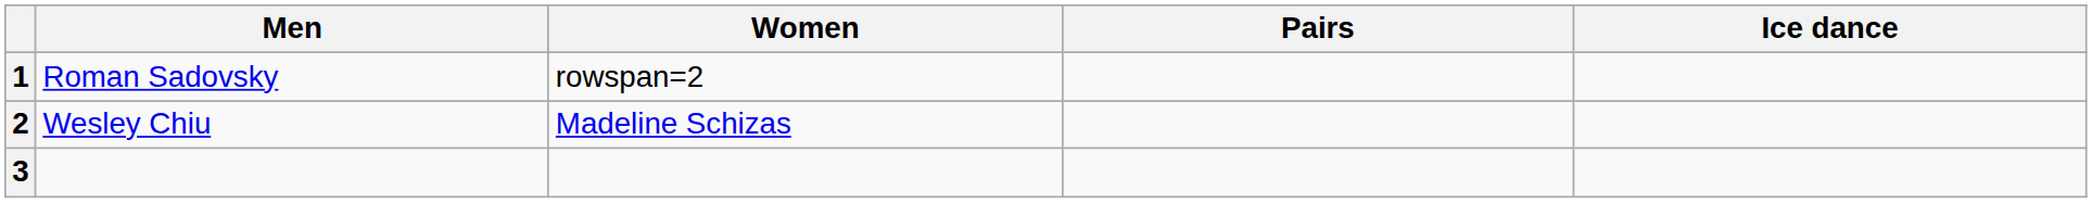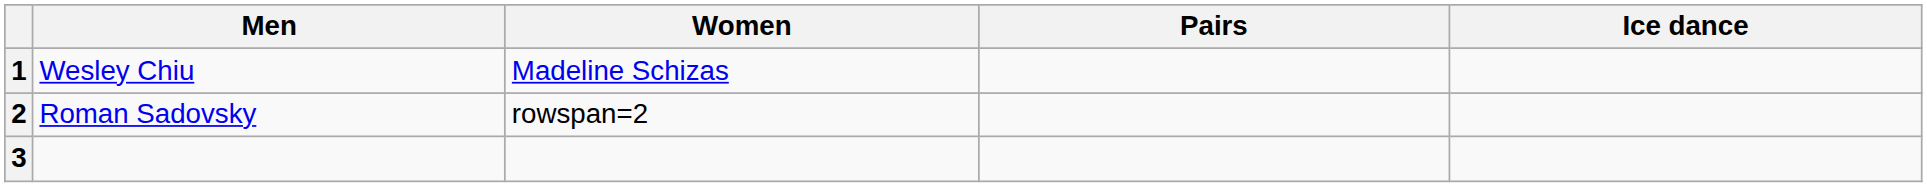 <table class="wikitable unsortable" style="text-align:left; width:70%">
 <tr>
 <th scope="col"></th>
 <th scope="col" style="width:25%">Men</th>
 <th scope="col" style="width:25%">Women</th>
 <th scope="col" style="width:25%">Pairs</th>
 <th scope="col" style="width:25%">Ice dance</th>
 </tr>
 <tr>
 <th scope="row">1</th>
-<td><a href='#'>Roman Sadovsky</a></td>
-<td>rowspan=2 </td>
+<td><a href='#'>Wesley Chiu</a></td>
+<td><a href='#'>Madeline Schizas</a></td>
 <td></td>
 <td></td>
 </tr>
 <tr>
 <th scope="row">2</th>
-<td><a href='#'>Wesley Chiu</a></td>
-<td><a href='#'>Madeline Schizas</a></td>
+<td><a href='#'>Roman Sadovsky</a></td>
+<td>rowspan=2 </td>
 <td></td>
 <td></td>
 </tr>
 <tr>
 <th scope="row">3</th>
 <td></td>
 <td></td>
 <td></td>
 </tr>
 </table>
